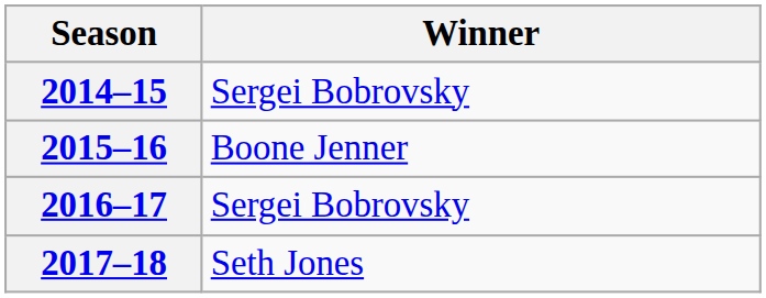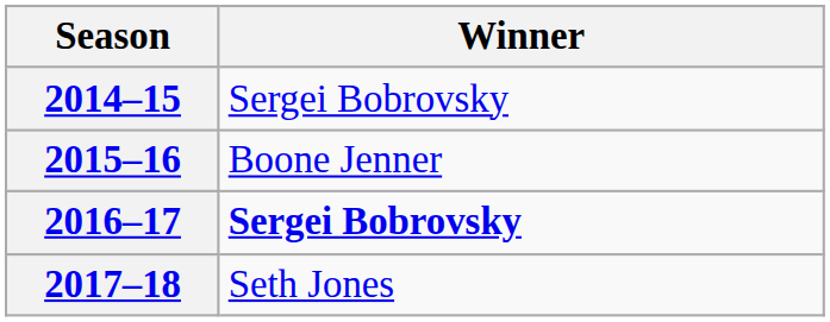 <table class="wikitable">
 <tr>
 <th scope="col" style="width:5em">Season</th>
 <th scope="col" style="width:15em">Winner</th>
 </tr>
 <tr>
 <th scope="row"><a href='#'>2014–15</a></th>
 <td><a href='#'>Sergei Bobrovsky</a></td>
 </tr>
 <tr>
 <th scope="row"><a href='#'>2015–16</a></th>
 <td><a href='#'>Boone Jenner</a></td>
 </tr>
 <tr>
 <th scope="row"><a href='#'>2016–17</a></th>
-<td><a href='#'>Sergei Bobrovsky</a></td>
+<td><strong><a href='#'>Sergei Bobrovsky</a></strong></td>
 </tr>
 <tr>
 <th scope="row"><a href='#'>2017–18</a></th>
 <td><a href='#'>Seth Jones</a></td>
 </tr>
 </table>
